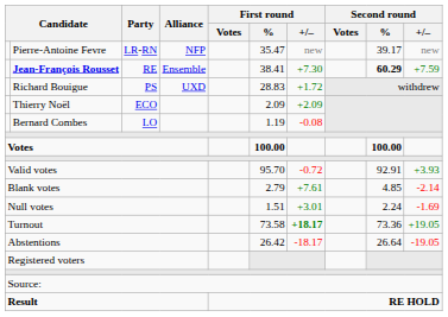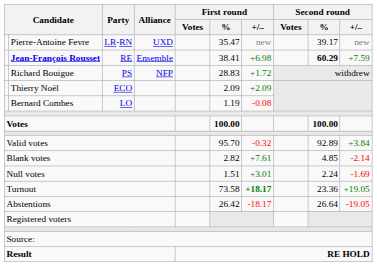 <table class="wikitable" style="text-align:right;font-size:95%;">
 <tr>
 <th rowspan="2" colspan="2">Candidate</th>
 <th colspan="1" rowspan="2">Party</th>
 <th colspan="1" rowspan="2">Alliance</th>
 <th colspan="3">First round</th>
 <th colspan="3">Second round</th>
 </tr>
 <tr>
 <th style="width:50px;">Votes</th>
 <th style="width:45px;">%</th>
 <th style="width:45px;">+/–</th>
 <th style="width:50px;">Votes</th>
 <th style="width:45px;">%</th>
 <th style="width:45px;">+/–</th>
 </tr>
 <tr>
 <td style="color:inherit;background:"></td>
 <td style="text-align:left;">Pierre-Antoine Fevre</td>
 <td><a href='#'>LR</a>-<a href='#'>RN</a></td>
-<td><a href='#'>NFP</a></td>
+<td><a href='#'>UXD</a></td>
 <td></td>
 <td>35.47</td>
 <td style="color:grey;">new</td>
 <td></td>
 <td>39.17</td>
 <td style="color:grey;">new</td>
 </tr>
 <tr>
 <td style="color:inherit;background:"></td>
 <td style="text-align:left;"><strong><a href='#'>Jean-François Rousset</a></strong></td>
 <td><a href='#'>RE</a></td>
 <td><a href='#'>Ensemble</a></td>
 <td></td>
 <td>38.41</td>
-<td style="color:green;">+7.30</td>
+<td style="color:green;">+6.98</td>
 <td><strong></strong></td>
 <td><strong>60.29</strong></td>
 <td style="color:green;">+7.59</td>
 </tr>
 <tr>
 <td style="color:inherit;background:"></td>
 <td style="text-align:left;">Richard Bouigue</td>
 <td><a href='#'>PS</a></td>
-<td><a href='#'>UXD</a></td>
+<td><a href='#'>NFP</a></td>
 <td></td>
 <td>28.83</td>
 <td style="color:green;">+1.72</td>
 <td colspan="3" style="background:#E9E9E9;">withdrew</td>
 </tr>
 <tr>
 <td style="color:inherit;background:"></td>
 <td style="text-align:left;">Thierry Noël</td>
 <td><a href='#'>ECO</a></td>
 <td></td>
 <td></td>
 <td>2.09</td>
 <td style="color:green;">+2.09</td>
 <td colspan="3" rowspan="2" style="background:#E9E9E9;"></td>
 </tr>
 <tr>
 <td style="color:inherit;background:"></td>
 <td style="text-align:left;">Bernard Combes</td>
 <td><a href='#'>LO</a></td>
 <td></td>
 <td></td>
 <td>1.19</td>
 <td style="color:red;">-0.08</td>
 </tr>
 <tr>
 <td colspan="10" style="background:#E9E9E9;"></td>
 </tr>
 <tr style="font-weight:bold;">
 <td colspan="4" style="text-align:left;">Votes</td>
 <td></td>
 <td>100.00</td>
 <td></td>
 <td></td>
 <td>100.00</td>
 <td></td>
 </tr>
 <tr>
 <td colspan="10" style="background:#E9E9E9;"></td>
 </tr>
 <tr>
 <td colspan="4" style="text-align:left;">Valid votes</td>
 <td></td>
 <td>95.70</td>
-<td style="color:red;">-0.72</td>
+<td style="color:red;">-0.32</td>
 <td></td>
-<td>92.91</td>
-<td style="color:green;">+3.93</td>
+<td>92.89</td>
+<td style="color:green;">+3.84</td>
 </tr>
 <tr>
 <td colspan="4" style="text-align:left;">Blank votes</td>
 <td></td>
-<td>2.79</td>
+<td>2.82</td>
 <td style="color:green;">+7.61</td>
 <td></td>
 <td>4.85</td>
 <td style="color:red;">-2.14</td>
 </tr>
 <tr>
 <td colspan="4" style="text-align:left;">Null votes</td>
 <td></td>
 <td>1.51</td>
 <td style="color:green;">+3.01</td>
 <td></td>
 <td>2.24</td>
 <td style="color:red;">-1.69</td>
 </tr>
 <tr>
 <td colspan="4" style="text-align:left;">Turnout</td>
 <td></td>
 <td>73.58</td>
 <td style="color:green;"><strong>+18.17</strong></td>
 <td></td>
-<td>73.36</td>
+<td>23.36</td>
 <td style="color:green;">+19.05</td>
 </tr>
 <tr>
 <td colspan="4" style="text-align:left;">Abstentions</td>
 <td></td>
 <td>26.42</td>
 <td style="color:red;">-18.17</td>
 <td></td>
 <td>26.64</td>
 <td style="color:red;">-19.05</td>
 </tr>
 <tr>
 <td colspan="4" style="text-align:left;">Registered voters</td>
 <td></td>
 <td colspan="2" style="background:#E9E9E9;"></td>
 <td></td>
 <td colspan="2" style="background:#E9E9E9;"></td>
 </tr>
 <tr>
 <td colspan="10" style="background:#E9E9E9;"></td>
 </tr>
 <tr>
 <td colspan="10" style="text-align:left;">Source: </td>
 </tr>
 <tr style="font-weight:bold">
 <td colspan="4" style="text-align:left;">Result</td>
 <td colspan="6" style="background-color:">RE HOLD</td>
 </tr>
 </table>
